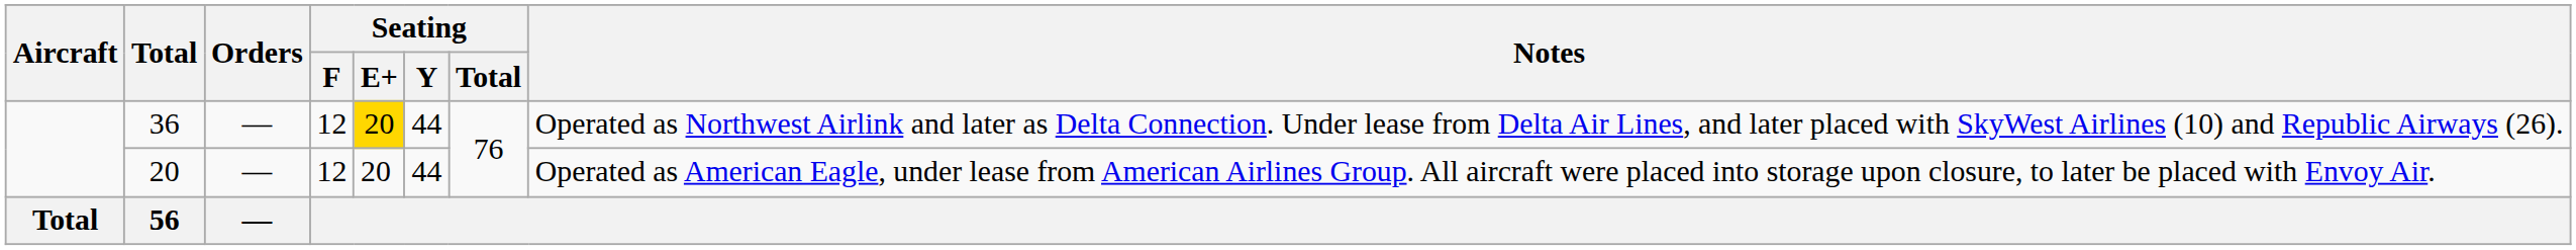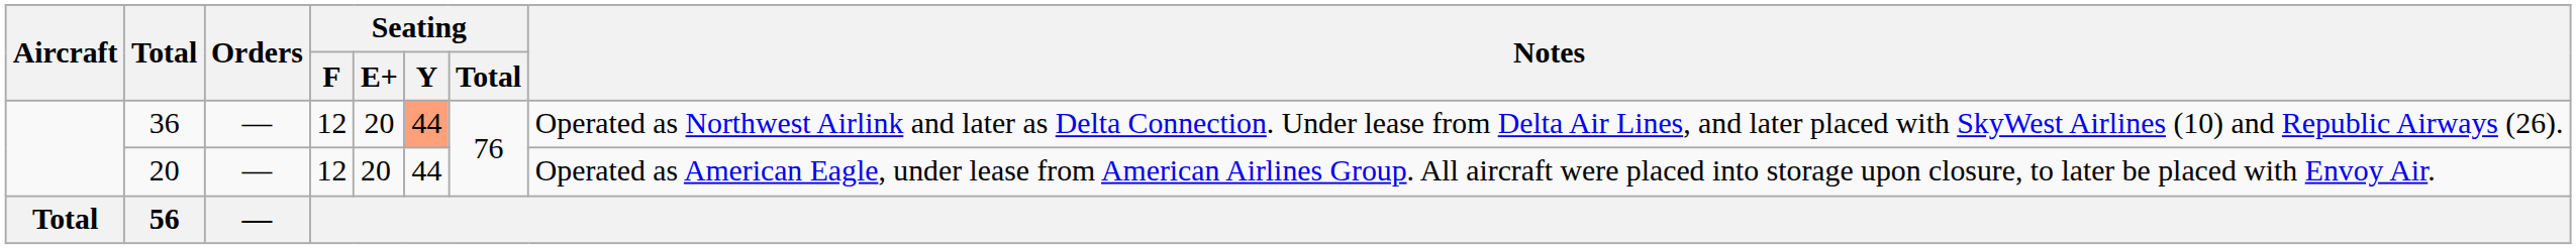 <table class="wikitable" style="margin:auto;">
 <tr>
 <th rowspan=2>Aircraft</th>
 <th rowspan=2>Total</th>
 <th rowspan=2>Orders</th>
 <th colspan=4>Seating</th>
 <th rowspan=2>Notes</th>
 </tr>
 <tr>
 <th><abbr>F</abbr></th>
 <th><abbr>E+</abbr></th>
 <th><abbr>Y</abbr></th>
 <th>Total</th>
 </tr>
 <tr>
 <td rowspan="2" style="text-align: left"></td>
 <td style="text-align: center">36</td>
 <td style="text-align: center">—</td>
 <td style="text-align: center">12</td>
-<td style="background: gold; text-align: center">20</td>
-<td style="text-align: center">44</td>
+<td style="text-align: center">20</td>
+<td style="background: lightsalmon; text-align: center">44</td>
 <td rowspan="2" style="text-align: center">76</td>
 <td>Operated as <a href='#'>Northwest Airlink</a> and later as <a href='#'>Delta Connection</a>. Under lease from <a href='#'>Delta Air Lines</a>, and later placed with <a href='#'>SkyWest Airlines</a> (10) and <a href='#'>Republic Airways</a> (26).</td>
 </tr>
 <tr>
 <td style="text-align: center">20</td>
 <td style="text-align: center">—</td>
 <td>12</td>
 <td>20</td>
 <td>44</td>
 <td>Operated as <a href='#'>American Eagle</a>, under lease from <a href='#'>American Airlines Group</a>. All aircraft were placed into storage upon closure, to later be placed with <a href='#'>Envoy Air</a>.</td>
 </tr>
 <tr>
 <th>Total</th>
 <th>56</th>
 <th>—</th>
 <th colspan=5> </th>
 </tr>
 </table>
